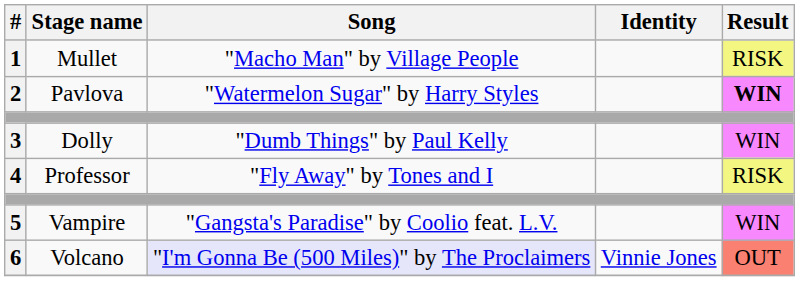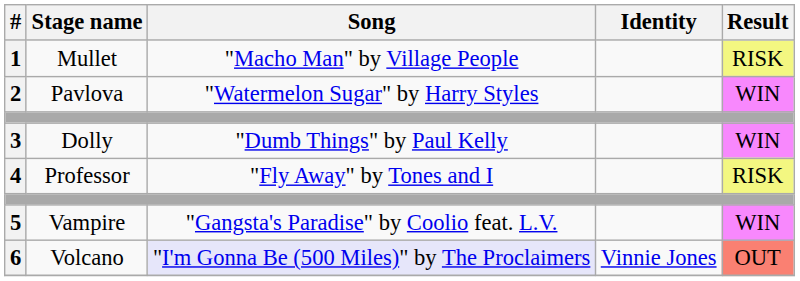 <table class="wikitable plainrowheaders" style="text-align: center;">
 <tr>
 <th>#</th>
 <th>Stage name</th>
 <th>Song</th>
 <th>Identity</th>
 <th>Result</th>
 </tr>
 <tr>
 <th>1</th>
 <td>Mullet</td>
 <td>"<a href='#'>Macho Man</a>" by <a href='#'>Village People</a></td>
 <td></td>
 <td bgcolor=#F3F781>RISK</td>
 </tr>
 <tr>
 <th>2</th>
 <td>Pavlova</td>
 <td>"<a href='#'>Watermelon Sugar</a>" by <a href='#'>Harry Styles</a></td>
 <td></td>
-<td bgcolor=#F888FD><strong>WIN</strong></td>
+<td bgcolor=#F888FD>WIN</td>
 </tr>
 <tr>
 <td colspan="5" style="background:darkgray"></td>
 </tr>
 <tr>
 <th>3</th>
 <td>Dolly</td>
 <td>"<a href='#'>Dumb Things</a>" by <a href='#'>Paul Kelly</a></td>
 <td></td>
 <td bgcolor=#F888FD>WIN</td>
 </tr>
 <tr>
 <th>4</th>
 <td>Professor</td>
 <td>"<a href='#'>Fly Away</a>" by <a href='#'>Tones and I</a></td>
 <td></td>
 <td bgcolor=#F3F781>RISK</td>
 </tr>
 <tr>
 <td colspan="5" style="background:darkgray"></td>
 </tr>
 <tr>
 <th>5</th>
 <td>Vampire</td>
 <td>"<a href='#'>Gangsta's Paradise</a>" by <a href='#'>Coolio</a> feat. <a href='#'>L.V.</a></td>
 <td></td>
 <td bgcolor=#F888FD>WIN</td>
 </tr>
 <tr>
 <th>6</th>
 <td>Volcano</td>
 <td style="background: lavender;">"<a href='#'>I'm Gonna Be (500 Miles)</a>" by <a href='#'>The Proclaimers</a></td>
 <td><a href='#'>Vinnie Jones</a></td>
 <td bgcolor=salmon>OUT</td>
 </tr>
 <tr>
 </tr>
 </table>
